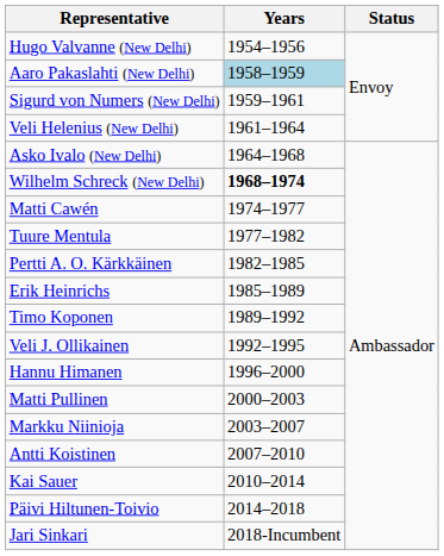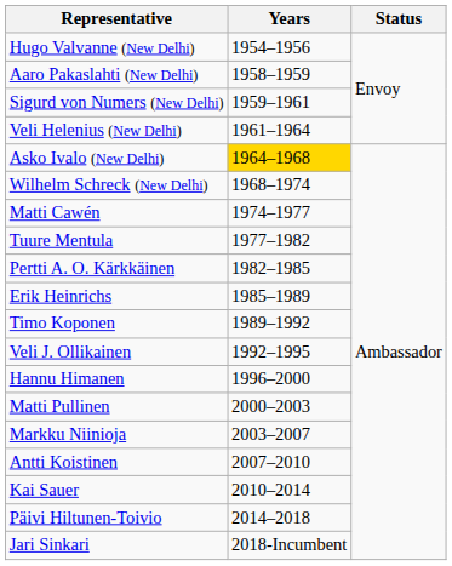 <table class="wikitable sortable">
 <tr>
 <th>Representative</th>
 <th>Years</th>
 <th>Status</th>
 </tr>
 <tr>
 <td><a href='#'>Hugo Valvanne</a> <small>(<a href='#'>New Delhi</a>)</small></td>
 <td>1954–1956</td>
 <td rowspan="4">Envoy</td>
 </tr>
 <tr>
 <td><a href='#'>Aaro Pakaslahti</a> <small>(<a href='#'>New Delhi</a>)</small></td>
-<td style="background: lightblue;">1958–1959</td>
+<td>1958–1959</td>
 </tr>
 <tr>
 <td><a href='#'>Sigurd von Numers</a> <small>(<a href='#'>New Delhi</a>)</small></td>
 <td>1959–1961</td>
 </tr>
 <tr>
 <td><a href='#'>Veli Helenius</a> <small>(<a href='#'>New Delhi</a>)</small></td>
 <td>1961–1964</td>
 </tr>
 <tr>
 <td><a href='#'>Asko Ivalo</a> <small>(<a href='#'>New Delhi</a>)</small></td>
-<td>1964–1968</td>
+<td style="background: gold;">1964–1968</td>
 <td rowspan="15">Ambassador</td>
 </tr>
 <tr>
 <td><a href='#'>Wilhelm Schreck</a> <small>(<a href='#'>New Delhi</a>)</small></td>
-<td><strong>1968–1974</strong></td>
+<td>1968–1974</td>
 </tr>
 <tr>
 <td><a href='#'>Matti Cawén</a></td>
 <td>1974–1977</td>
 </tr>
 <tr>
 <td><a href='#'>Tuure Mentula</a></td>
 <td>1977–1982</td>
 </tr>
 <tr>
 <td><a href='#'>Pertti A. O. Kärkkäinen</a></td>
 <td>1982–1985</td>
 </tr>
 <tr>
 <td><a href='#'>Erik Heinrichs</a></td>
 <td>1985–1989</td>
 </tr>
 <tr>
 <td><a href='#'>Timo Koponen</a></td>
 <td>1989–1992</td>
 </tr>
 <tr>
 <td><a href='#'>Veli J. Ollikainen</a></td>
 <td>1992–1995</td>
 </tr>
 <tr>
 <td><a href='#'>Hannu Himanen</a></td>
 <td>1996–2000</td>
 </tr>
 <tr>
 <td><a href='#'>Matti Pullinen</a></td>
 <td>2000–2003</td>
 </tr>
 <tr>
 <td><a href='#'>Markku Niinioja</a></td>
 <td>2003–2007</td>
 </tr>
 <tr>
 <td><a href='#'>Antti Koistinen</a></td>
 <td>2007–2010</td>
 </tr>
 <tr>
 <td><a href='#'>Kai Sauer</a></td>
 <td>2010–2014</td>
 </tr>
 <tr>
 <td><a href='#'>Päivi Hiltunen-Toivio</a></td>
 <td>2014–2018</td>
 </tr>
 <tr>
 <td><a href='#'>Jari Sinkari</a></td>
 <td>2018-Incumbent</td>
 </tr>
 </table>
